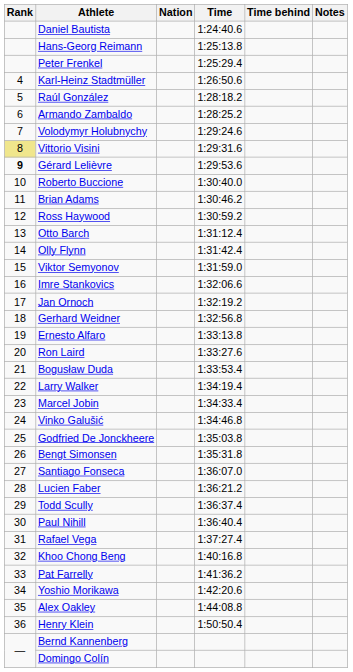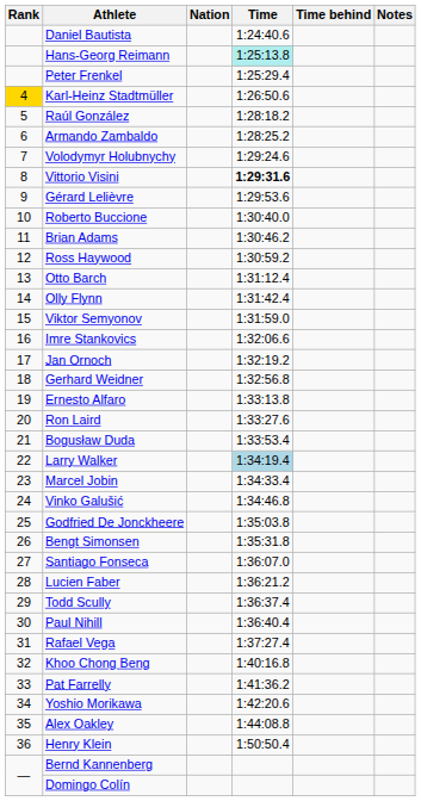 <table class="wikitable sortable" style="text-align:center">
 <tr>
 <th>Rank</th>
 <th>Athlete</th>
 <th>Nation</th>
 <th>Time</th>
 <th>Time behind</th>
 <th>Notes</th>
 </tr>
 <tr>
 <td></td>
 <td align=left><a href='#'>Daniel Bautista</a></td>
 <td align=left></td>
 <td>1:24:40.6</td>
 <td></td>
 <td></td>
 </tr>
 <tr>
 <td></td>
 <td align=left><a href='#'>Hans-Georg Reimann</a></td>
 <td align=left></td>
-<td>1:25:13.8</td>
+<td style="background: paleturquoise;">1:25:13.8</td>
 <td></td>
 <td></td>
 </tr>
 <tr>
 <td></td>
 <td align=left><a href='#'>Peter Frenkel</a></td>
 <td align=left></td>
 <td>1:25:29.4</td>
 <td></td>
 <td></td>
 </tr>
 <tr>
-<td>4</td>
+<td style="background: gold;">4</td>
 <td align=left><a href='#'>Karl-Heinz Stadtmüller</a></td>
 <td align=left></td>
 <td>1:26:50.6</td>
 <td></td>
 <td></td>
 </tr>
 <tr>
 <td>5</td>
 <td align=left><a href='#'>Raúl González</a></td>
 <td align=left></td>
 <td>1:28:18.2</td>
 <td></td>
 <td></td>
 </tr>
 <tr>
 <td>6</td>
 <td align=left><a href='#'>Armando Zambaldo</a></td>
 <td align=left></td>
 <td>1:28:25.2</td>
 <td></td>
 <td></td>
 </tr>
 <tr>
 <td>7</td>
 <td align=left><a href='#'>Volodymyr Holubnychy</a></td>
 <td align=left></td>
 <td>1:29:24.6</td>
 <td></td>
 <td></td>
 </tr>
 <tr>
-<td style="background: khaki;">8</td>
+<td>8</td>
 <td align=left><a href='#'>Vittorio Visini</a></td>
 <td align=left></td>
-<td>1:29:31.6</td>
+<td><strong>1:29:31.6</strong></td>
 <td></td>
 <td></td>
 </tr>
 <tr>
-<td><strong>9</strong></td>
+<td>9</td>
 <td align=left><a href='#'>Gérard Lelièvre</a></td>
 <td align=left></td>
 <td>1:29:53.6</td>
 <td></td>
 <td></td>
 </tr>
 <tr>
 <td>10</td>
 <td align=left><a href='#'>Roberto Buccione</a></td>
 <td align=left></td>
 <td>1:30:40.0</td>
 <td></td>
 <td></td>
 </tr>
 <tr>
 <td>11</td>
 <td align=left><a href='#'>Brian Adams</a></td>
 <td align=left></td>
 <td>1:30:46.2</td>
 <td></td>
 <td></td>
 </tr>
 <tr>
 <td>12</td>
 <td align=left><a href='#'>Ross Haywood</a></td>
 <td align=left></td>
 <td>1:30:59.2</td>
 <td></td>
 <td></td>
 </tr>
 <tr>
 <td>13</td>
 <td align=left><a href='#'>Otto Barch</a></td>
 <td align=left></td>
 <td>1:31:12.4</td>
 <td></td>
 <td></td>
 </tr>
 <tr>
 <td>14</td>
 <td align=left><a href='#'>Olly Flynn</a></td>
 <td align=left></td>
 <td>1:31:42.4</td>
 <td></td>
 <td></td>
 </tr>
 <tr>
 <td>15</td>
 <td align=left><a href='#'>Viktor Semyonov</a></td>
 <td align=left></td>
 <td>1:31:59.0</td>
 <td></td>
 <td></td>
 </tr>
 <tr>
 <td>16</td>
 <td align=left><a href='#'>Imre Stankovics</a></td>
 <td align=left></td>
 <td>1:32:06.6</td>
 <td></td>
 <td></td>
 </tr>
 <tr>
 <td>17</td>
 <td align=left><a href='#'>Jan Ornoch</a></td>
 <td align=left></td>
 <td>1:32:19.2</td>
 <td></td>
 <td></td>
 </tr>
 <tr>
 <td>18</td>
 <td align=left><a href='#'>Gerhard Weidner</a></td>
 <td align=left></td>
 <td>1:32:56.8</td>
 <td></td>
 </tr>
 <tr>
 <td>19</td>
 <td align=left><a href='#'>Ernesto Alfaro</a></td>
 <td align=left></td>
 <td>1:33:13.8</td>
 <td></td>
 <td></td>
 </tr>
 <tr>
 <td>20</td>
 <td align=left><a href='#'>Ron Laird</a></td>
 <td align=left></td>
 <td>1:33:27.6</td>
 <td></td>
 <td></td>
 </tr>
 <tr>
 <td>21</td>
 <td align=left><a href='#'>Bogusław Duda</a></td>
 <td align=left></td>
 <td>1:33:53.4</td>
 <td></td>
 <td></td>
 </tr>
 <tr>
 <td>22</td>
 <td align=left><a href='#'>Larry Walker</a></td>
 <td align=left></td>
-<td>1:34:19.4</td>
+<td style="background: lightblue;">1:34:19.4</td>
 <td></td>
 <td></td>
 </tr>
 <tr>
 <td>23</td>
 <td align=left><a href='#'>Marcel Jobin</a></td>
 <td align=left></td>
 <td>1:34:33.4</td>
 <td></td>
 <td></td>
 </tr>
 <tr>
 <td>24</td>
 <td align=left><a href='#'>Vinko Galušić</a></td>
 <td align=left></td>
 <td>1:34:46.8</td>
 <td></td>
 <td></td>
 </tr>
 <tr>
 <td>25</td>
 <td align=left><a href='#'>Godfried De Jonckheere</a></td>
 <td align=left></td>
 <td>1:35:03.8</td>
 <td></td>
 <td></td>
 </tr>
 <tr>
 <td>26</td>
 <td align=left><a href='#'>Bengt Simonsen</a></td>
 <td align=left></td>
 <td>1:35:31.8</td>
 <td></td>
 <td></td>
 </tr>
 <tr>
 <td>27</td>
 <td align=left><a href='#'>Santiago Fonseca</a></td>
 <td align=left></td>
 <td>1:36:07.0</td>
 <td></td>
 <td></td>
 </tr>
 <tr>
 <td>28</td>
 <td align=left><a href='#'>Lucien Faber</a></td>
 <td align=left></td>
 <td>1:36:21.2</td>
 <td></td>
 <td></td>
 </tr>
 <tr>
 <td>29</td>
 <td align=left><a href='#'>Todd Scully</a></td>
 <td align=left></td>
 <td>1:36:37.4</td>
 <td></td>
 </tr>
 <tr>
 <td>30</td>
 <td align=left><a href='#'>Paul Nihill</a></td>
 <td align=left></td>
 <td>1:36:40.4</td>
 <td></td>
 <td></td>
 </tr>
 <tr>
 <td>31</td>
 <td align=left><a href='#'>Rafael Vega</a></td>
 <td align=left></td>
 <td>1:37:27.4</td>
 <td></td>
 <td></td>
 </tr>
 <tr>
 <td>32</td>
 <td align=left><a href='#'>Khoo Chong Beng</a></td>
 <td align=left></td>
 <td>1:40:16.8</td>
 <td></td>
 <td></td>
 </tr>
 <tr>
 <td>33</td>
 <td align=left><a href='#'>Pat Farrelly</a></td>
 <td align=left></td>
 <td>1:41:36.2</td>
 <td></td>
 <td></td>
 </tr>
 <tr>
 <td>34</td>
 <td align=left><a href='#'>Yoshio Morikawa</a></td>
 <td align=left></td>
 <td>1:42:20.6</td>
 <td></td>
 <td></td>
 </tr>
 <tr>
 <td>35</td>
 <td align=left><a href='#'>Alex Oakley</a></td>
 <td align=left></td>
 <td>1:44:08.8</td>
 <td></td>
 </tr>
 <tr>
 <td>36</td>
 <td align=left><a href='#'>Henry Klein</a></td>
 <td align=left></td>
 <td>1:50:50.4</td>
 <td></td>
 <td></td>
 </tr>
 <tr>
 <td rowspan="2">—</td>
 <td align=left><a href='#'>Bernd Kannenberg</a></td>
 <td align=left></td>
 <td></td>
 <td></td>
 <td></td>
 </tr>
 <tr>
 <td align=left><a href='#'>Domingo Colín</a></td>
 <td align=left></td>
 <td></td>
 <td></td>
 <td></td>
 </tr>
 </table>
